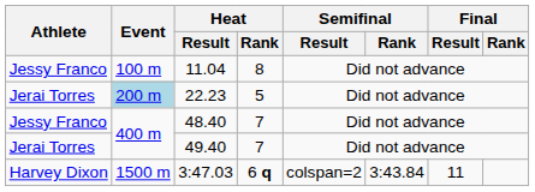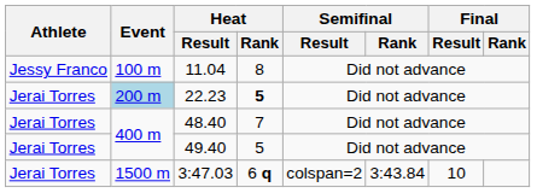 <table class="wikitable" style="font-size:90%">
 <tr>
 <th rowspan=2>Athlete</th>
 <th rowspan=2>Event</th>
 <th colspan=2>Heat</th>
 <th colspan=2>Semifinal</th>
 <th colspan=2>Final</th>
 </tr>
 <tr style="font-size:95%">
 <th>Result</th>
 <th>Rank</th>
 <th>Result</th>
 <th>Rank</th>
 <th>Result</th>
 <th>Rank</th>
 </tr>
 <tr align=center>
 <td align=left><a href='#'>Jessy Franco</a></td>
 <td align=left><a href='#'>100 m</a></td>
 <td>11.04</td>
 <td>8</td>
 <td colspan=4>Did not advance</td>
 </tr>
 <tr align=center>
 <td align=left><a href='#'>Jerai Torres</a></td>
 <td align=left style="background: lightblue;"><a href='#'>200 m</a></td>
 <td>22.23</td>
-<td>5</td>
+<td><strong>5</strong></td>
 <td colspan=4>Did not advance</td>
 </tr>
 <tr align=center>
-<td align=left><a href='#'>Jessy Franco</a></td>
+<td align=left><a href='#'>Jerai Torres</a></td>
 <td align=left rowspan=2><a href='#'>400 m</a></td>
 <td>48.40</td>
 <td>7</td>
 <td colspan=4>Did not advance</td>
 </tr>
 <tr align=center>
 <td align=left><a href='#'>Jerai Torres</a></td>
 <td>49.40</td>
-<td>7</td>
+<td>5</td>
 <td colspan=4>Did not advance</td>
 </tr>
 <tr align=center>
-<td align=left><a href='#'>Harvey Dixon</a></td>
+<td align=left><a href='#'>Jerai Torres</a></td>
 <td align=left><a href='#'>1500 m</a></td>
 <td>3:47.03</td>
 <td>6 <strong>q</strong></td>
 <td>colspan=2 </td>
 <td>3:43.84</td>
-<td>11</td>
+<td>10</td>
 </tr>
 </table>
